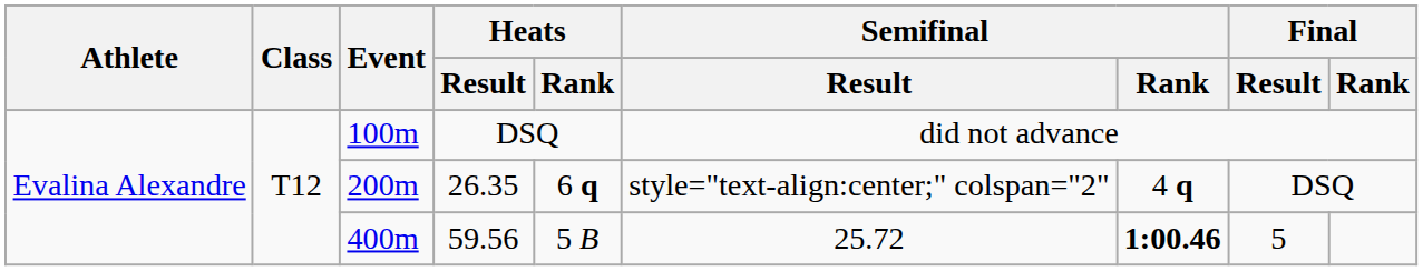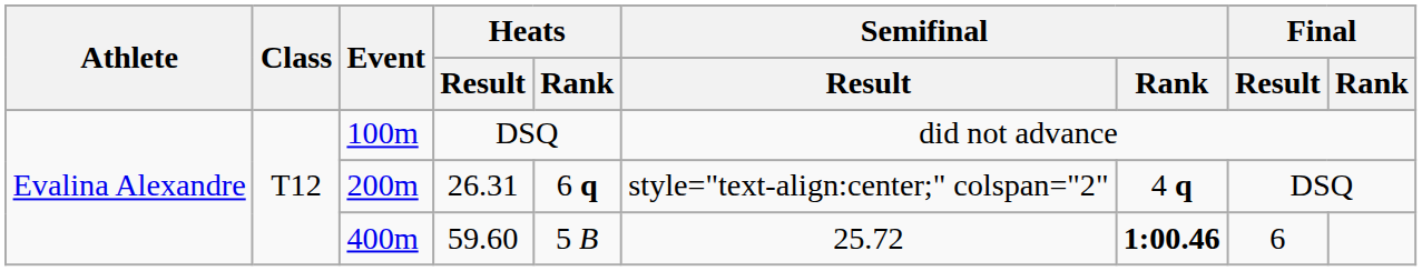 <table class=wikitable style="font-size:90%">
 <tr>
 <th rowspan="2">Athlete</th>
 <th rowspan="2">Class</th>
 <th rowspan="2">Event</th>
 <th colspan="2">Heats</th>
 <th colspan="2">Semifinal</th>
 <th colspan="3">Final</th>
 </tr>
 <tr>
 <th>Result</th>
 <th>Rank</th>
 <th>Result</th>
 <th>Rank</th>
 <th>Result</th>
 <th>Rank</th>
 </tr>
 <tr>
 <td rowspan="3"><a href='#'>Evalina Alexandre</a></td>
 <td rowspan="3" style="text-align:center;">T12</td>
 <td><a href='#'>100m</a></td>
 <td style="text-align:center;" colspan="2">DSQ</td>
 <td style="text-align:center;" colspan="4">did not advance</td>
 </tr>
 <tr>
 <td><a href='#'>200m</a></td>
-<td style="text-align:center;">26.35</td>
+<td style="text-align:center;">26.31</td>
 <td style="text-align:center;">6 <strong>q</strong></td>
 <td>style="text-align:center;" colspan="2" </td>
 <td style="text-align:center;">4 <strong>q</strong></td>
 <td style="text-align:center;" colspan="2">DSQ</td>
 </tr>
 <tr>
 <td><a href='#'>400m</a></td>
-<td style="text-align:center;">59.56</td>
+<td style="text-align:center;">59.60</td>
 <td style="text-align:center;">5 <em>B</em></td>
 <td style="text-align:center;">25.72</td>
 <td style="text-align:center;"><strong>1:00.46</strong></td>
-<td style="text-align:center;">5</td>
+<td style="text-align:center;">6</td>
 </tr>
 </table>
